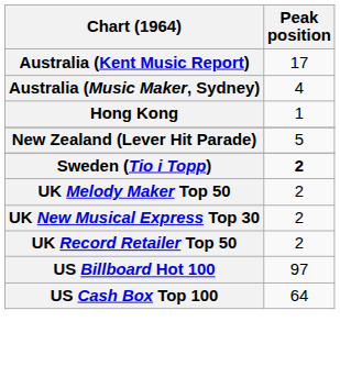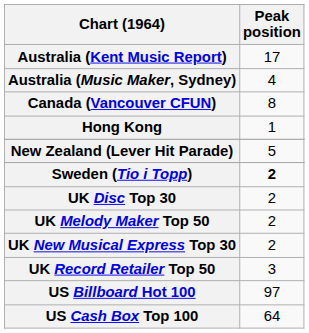 <table class="wikitable sortable plainrowheaders" style="text-align:center">
 <tr>
 <th>Chart (1964)</th>
 <th>Peak<br>position</th>
 </tr>
 <tr>
 <th scope="row">Australia (<a href='#'>Kent Music Report</a>)</th>
 <td>17</td>
 </tr>
 <tr>
 <th scope="row">Australia (<em>Music Maker</em>, Sydney)</th>
 <td>4</td>
+</tr>
+<tr>
+<th scope="row">Canada (<a href='#'>Vancouver CFUN</a>)</th>
+<td>8</td>
 </tr>
 <tr>
 <th scope="row">Hong Kong</th>
 <td>1</td>
 </tr>
 <tr>
 </tr>
 <tr>
 <th scope="row">New Zealand (Lever Hit Parade)</th>
 <td>5</td>
 </tr>
 <tr>
 </tr>
 <tr>
 <th scope="row">Sweden (<em><a href='#'>Tio i Topp</a></em>)</th>
 <td><strong>2</strong></td>
 </tr>
 <tr>
+<th scope="row">UK <em><a href='#'>Disc</a></em> Top 30</th>
+<td>2</td>
+</tr>
+<tr>
 <th scope="row">UK <em><a href='#'>Melody Maker</a></em> Top 50</th>
 <td>2</td>
 </tr>
 <tr>
 <th scope="row">UK <em><a href='#'>New Musical Express</a></em> Top 30</th>
 <td>2</td>
 </tr>
 <tr>
 <th scope="row">UK <em><a href='#'>Record Retailer</a></em> Top 50</th>
-<td>2</td>
+<td>3</td>
 </tr>
 <tr>
 <th scope="row">US <a href='#'><em>Billboard</em> Hot 100</a></th>
 <td>97</td>
 </tr>
 <tr>
 <th scope="row">US <a href='#'><em>Cash Box</em></a> Top 100</th>
 <td>64</td>
 </tr>
 </table>
